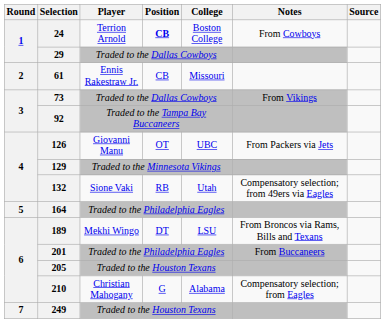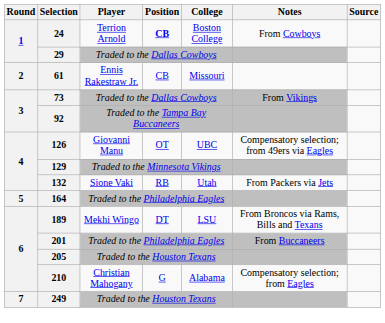 <table class="wikitable" style="text-align:center">
 <tr>
 <th>Round</th>
 <th>Selection</th>
 <th>Player</th>
 <th>Position</th>
 <th>College</th>
 <th>Notes</th>
 <th>Source</th>
 </tr>
 <tr>
 <th rowspan="2"><a href='#'>1</a></th>
 <th>24</th>
 <td><a href='#'>Terrion Arnold</a></td>
 <td><strong><a href='#'>CB</a></strong></td>
 <td><a href='#'>Boston College</a></td>
 <td>From <a href='#'>Cowboys</a></td>
 <td></td>
 </tr>
 <tr>
 <th>29</th>
 <td colspan="3" style="background:#BFBFBF"><em>Traded to the <a href='#'>Dallas Cowboys</a></em></td>
 <td style="background:#BFBFBF"></td>
 <td></td>
 </tr>
 <tr>
 <th>2</th>
 <th>61</th>
 <td><a href='#'>Ennis Rakestraw Jr.</a></td>
 <td><a href='#'>CB</a></td>
 <td><a href='#'>Missouri</a></td>
 <td></td>
 <td></td>
 </tr>
 <tr>
 <th rowspan="2">3</th>
 <th>73</th>
 <td colspan="3" style="background:#BFBFBF"><em>Traded to the <a href='#'>Dallas Cowboys</a></em></td>
 <td style="background:#BFBFBF">From <a href='#'>Vikings</a></td>
 <td></td>
 </tr>
 <tr>
 <th>92</th>
 <td colspan="3" style="background:#BFBFBF"><em>Traded to the <a href='#'>Tampa Bay Buccaneers</a></em></td>
 <td style="background:#BFBFBF"></td>
 <td></td>
 </tr>
 <tr>
 <th rowspan="3">4</th>
 <th>126</th>
 <td><a href='#'>Giovanni Manu</a></td>
 <td><a href='#'>OT</a></td>
 <td><a href='#'>UBC</a></td>
-<td>From Packers via <a href='#'>Jets</a></td>
+<td>Compensatory selection; from 49ers via <a href='#'>Eagles</a></td>
 <td></td>
 </tr>
 <tr>
 <th>129</th>
 <td colspan="3" style="background:#BFBFBF"><em>Traded to the <a href='#'>Minnesota Vikings</a></em></td>
 <td style="background:#BFBFBF"></td>
 <td></td>
 </tr>
 <tr>
 <th>132</th>
 <td><a href='#'>Sione Vaki</a></td>
 <td><a href='#'>RB</a></td>
 <td><a href='#'>Utah</a></td>
-<td>Compensatory selection; from 49ers via <a href='#'>Eagles</a></td>
+<td>From Packers via <a href='#'>Jets</a></td>
 <td></td>
 </tr>
 <tr>
 <th>5</th>
 <th>164</th>
 <td colspan="3" style="background:#BFBFBF"><em>Traded to the <a href='#'>Philadelphia Eagles</a></em></td>
 <td style="background:#BFBFBF"></td>
 <td></td>
 </tr>
 <tr>
 <th rowspan="4">6</th>
 <th>189</th>
 <td><a href='#'>Mekhi Wingo</a></td>
 <td><a href='#'>DT</a></td>
 <td><a href='#'>LSU</a></td>
 <td>From Broncos via Rams, Bills and <a href='#'>Texans</a></td>
 <td></td>
 </tr>
 <tr>
 <th>201</th>
 <td colspan="3" style="background:#BFBFBF"><em>Traded to the <a href='#'>Philadelphia Eagles</a></em></td>
 <td style="background:#BFBFBF">From <a href='#'>Buccaneers</a></td>
 <td></td>
 </tr>
 <tr>
 <th>205</th>
 <td colspan="3" style="background:#BFBFBF"><em>Traded to the <a href='#'>Houston Texans</a></em></td>
 <td style="background:#BFBFBF"></td>
 <td></td>
 </tr>
 <tr>
 <th>210</th>
 <td><a href='#'>Christian Mahogany</a></td>
 <td><a href='#'>G</a></td>
 <td><a href='#'>Alabama</a></td>
 <td>Compensatory selection; from <a href='#'>Eagles</a></td>
 <td></td>
 </tr>
 <tr>
 <th>7</th>
 <th>249</th>
 <td colspan="3" style="background:#BFBFBF"><em>Traded to the <a href='#'>Houston Texans</a></em></td>
 <td style="background:#BFBFBF"></td>
 <td></td>
 </tr>
 </table>
